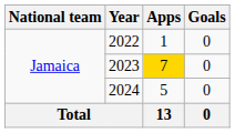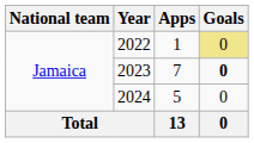 <table class="wikitable" style="text-align: center;">
 <tr>
 <th>National team</th>
 <th>Year</th>
 <th>Apps</th>
 <th>Goals</th>
 </tr>
 <tr>
 <td rowspan="3"><a href='#'>Jamaica</a></td>
 <td>2022</td>
 <td>1</td>
-<td>0</td>
+<td style="background: khaki;">0</td>
 </tr>
 <tr>
 <td>2023</td>
-<td style="background: gold;">7</td>
-<td>0</td>
+<td>7</td>
+<td><strong>0</strong></td>
 </tr>
 <tr>
 <td>2024</td>
 <td>5</td>
 <td>0</td>
 </tr>
 <tr>
 <th colspan="2">Total</th>
 <th>13</th>
 <th>0</th>
 </tr>
 </table>
